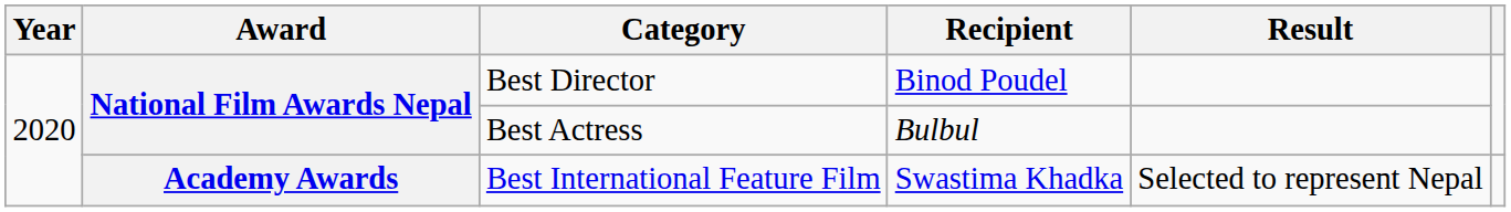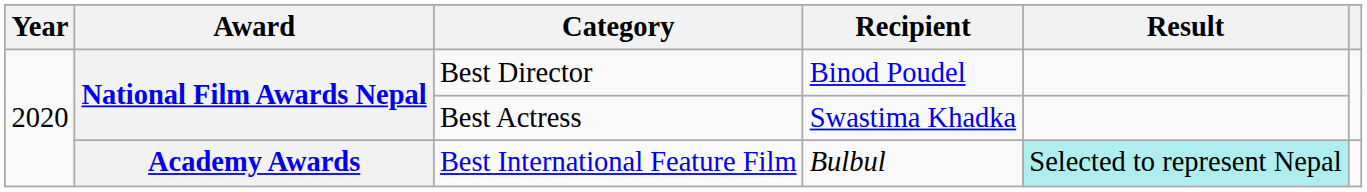 <table class="wikitable plainrowheaders sortable">
 <tr>
 <th>Year</th>
 <th>Award</th>
 <th>Category</th>
 <th>Recipient</th>
 <th>Result</th>
 <th class="unsortable"></th>
 </tr>
 <tr>
 <td rowspan="3">2020</td>
 <th scope="row" rowspan="2"><a href='#'>National Film Awards Nepal</a></th>
 <td>Best Director</td>
 <td><a href='#'>Binod Poudel</a></td>
 <td></td>
 <td style="text-align:center;" rowspan="2"></td>
 </tr>
 <tr>
 <td>Best Actress</td>
-<td><em>Bulbul</em></td>
+<td><a href='#'>Swastima Khadka</a></td>
 <td></td>
 </tr>
 <tr>
 <th scope="row"><a href='#'>Academy Awards</a></th>
 <td><a href='#'>Best International Feature Film</a></td>
-<td><a href='#'>Swastima Khadka</a></td>
-<td>Selected to represent Nepal</td>
+<td><em>Bulbul</em></td>
+<td style="background: paleturquoise;">Selected to represent Nepal</td>
 <td style="text-align:center;"></td>
 </tr>
 </table>
